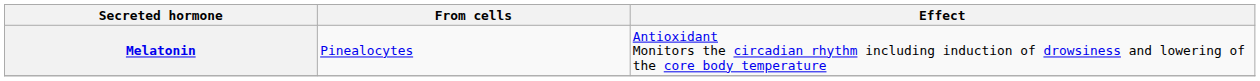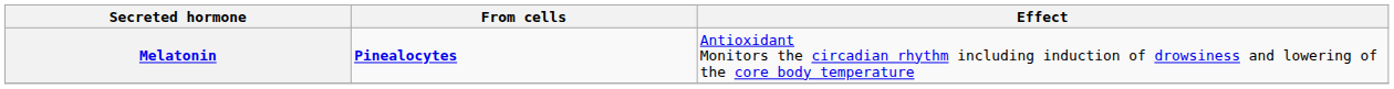 <table class="wikitable" width=100%>
 <tr>
 <th width=25%>Secreted hormone</th>
 <th width=25%>From cells</th>
 <th>Effect</th>
 </tr>
 <tr>
 <th><a href='#'>Melatonin</a></th>
-<td><a href='#'>Pinealocytes</a></td>
+<td><strong><a href='#'>Pinealocytes</a></strong></td>
 <td><a href='#'>Antioxidant</a> <br>Monitors the <a href='#'>circadian rhythm</a> including induction of <a href='#'>drowsiness</a> and lowering of the <a href='#'>core body temperature</a></td>
 </tr>
 <tr>
 </tr>
 </table>
